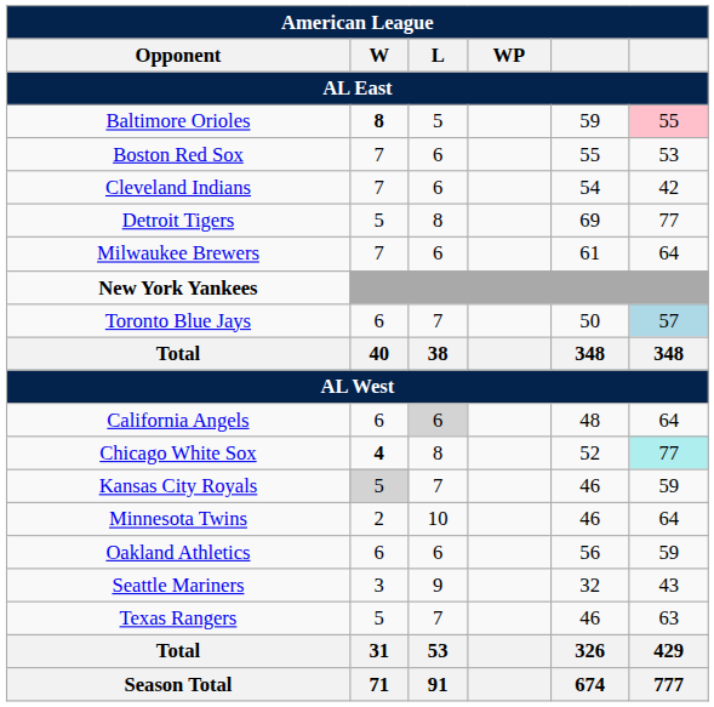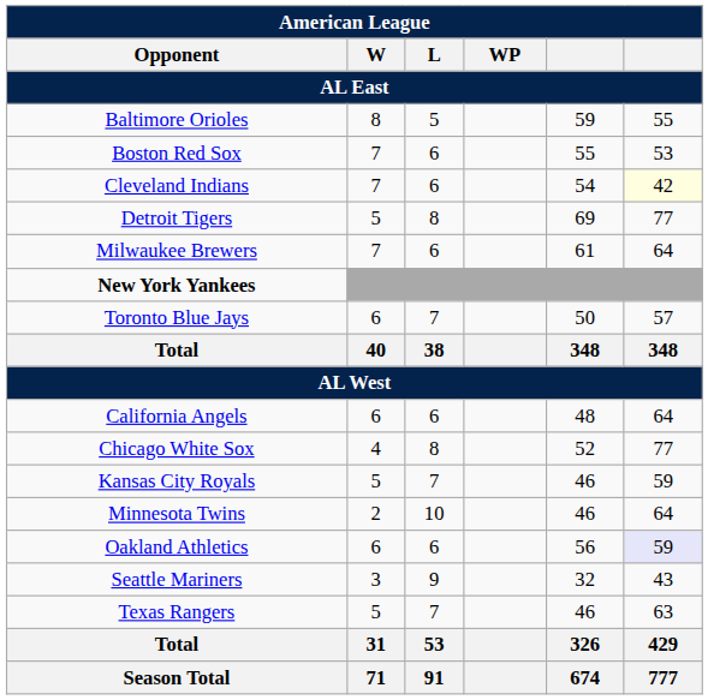 <table class="wikitable" style="margin:1em auto; font-size:95%; text-align:center; width:35em;">
 <tr>
 <th colspan="7" style="background:#03224c; color:#ffffff;">American League</th>
 </tr>
 <tr>
 <th>Opponent</th>
 <th>W</th>
 <th>L</th>
 <th>WP</th>
 <th></th>
 <th></th>
 </tr>
 <tr>
 <th colspan="7" style="background:#03224c; color:#ffffff;">AL East</th>
 </tr>
 <tr>
 <td><a href='#'>Baltimore Orioles</a></td>
-<td><strong>8</strong></td>
+<td>8</td>
 <td>5</td>
 <td></td>
 <td>59</td>
-<td style="background: pink;">55</td>
+<td>55</td>
 </tr>
 <tr>
 <td><a href='#'>Boston Red Sox</a></td>
 <td>7</td>
 <td>6</td>
 <td></td>
 <td>55</td>
 <td>53</td>
 </tr>
 <tr>
 <td><a href='#'>Cleveland Indians</a></td>
 <td>7</td>
 <td>6</td>
 <td></td>
 <td>54</td>
-<td>42</td>
+<td style="background: lightyellow;">42</td>
 </tr>
 <tr>
 <td><a href='#'>Detroit Tigers</a></td>
 <td>5</td>
 <td>8</td>
 <td></td>
 <td>69</td>
 <td>77</td>
 </tr>
 <tr>
 <td><a href='#'>Milwaukee Brewers</a></td>
 <td>7</td>
 <td>6</td>
 <td></td>
 <td>61</td>
 <td>64</td>
 </tr>
 <tr>
 <td><strong>New York Yankees</strong></td>
 <td colspan=5 style="background:darkgray;"></td>
 </tr>
 <tr>
 <td><a href='#'>Toronto Blue Jays</a></td>
 <td>6</td>
 <td>7</td>
 <td></td>
 <td>50</td>
-<td style="background: lightblue;">57</td>
+<td>57</td>
 </tr>
 <tr>
 <th>Total</th>
 <th>40</th>
 <th>38</th>
 <th></th>
 <th>348</th>
 <th>348</th>
 </tr>
 <tr>
 <th colspan="7" style="background:#03224c; color:#ffffff;">AL West</th>
 </tr>
 <tr>
 <td><a href='#'>California Angels</a></td>
 <td>6</td>
-<td style="background: lightgrey;">6</td>
+<td>6</td>
 <td></td>
 <td>48</td>
 <td>64</td>
 </tr>
 <tr>
 <td><a href='#'>Chicago White Sox</a></td>
-<td><strong>4</strong></td>
+<td>4</td>
 <td>8</td>
 <td></td>
 <td>52</td>
-<td style="background: paleturquoise;">77</td>
+<td>77</td>
 </tr>
 <tr>
 <td><a href='#'>Kansas City Royals</a></td>
-<td style="background: lightgrey;">5</td>
+<td>5</td>
 <td>7</td>
 <td></td>
 <td>46</td>
 <td>59</td>
 </tr>
 <tr>
 <td><a href='#'>Minnesota Twins</a></td>
 <td>2</td>
 <td>10</td>
 <td></td>
 <td>46</td>
 <td>64</td>
 </tr>
 <tr>
 <td><a href='#'>Oakland Athletics</a></td>
 <td>6</td>
 <td>6</td>
 <td></td>
 <td>56</td>
-<td>59</td>
+<td style="background: lavender;">59</td>
 </tr>
 <tr>
 <td><a href='#'>Seattle Mariners</a></td>
 <td>3</td>
 <td>9</td>
 <td></td>
 <td>32</td>
 <td>43</td>
 </tr>
 <tr>
 <td><a href='#'>Texas Rangers</a></td>
 <td>5</td>
 <td>7</td>
 <td></td>
 <td>46</td>
 <td>63</td>
 </tr>
 <tr>
 <th>Total</th>
 <th>31</th>
 <th>53</th>
 <th></th>
 <th>326</th>
 <th>429</th>
 </tr>
 <tr>
 <th>Season Total</th>
 <th>71</th>
 <th>91</th>
 <th></th>
 <th>674</th>
 <th>777</th>
 </tr>
 </table>
